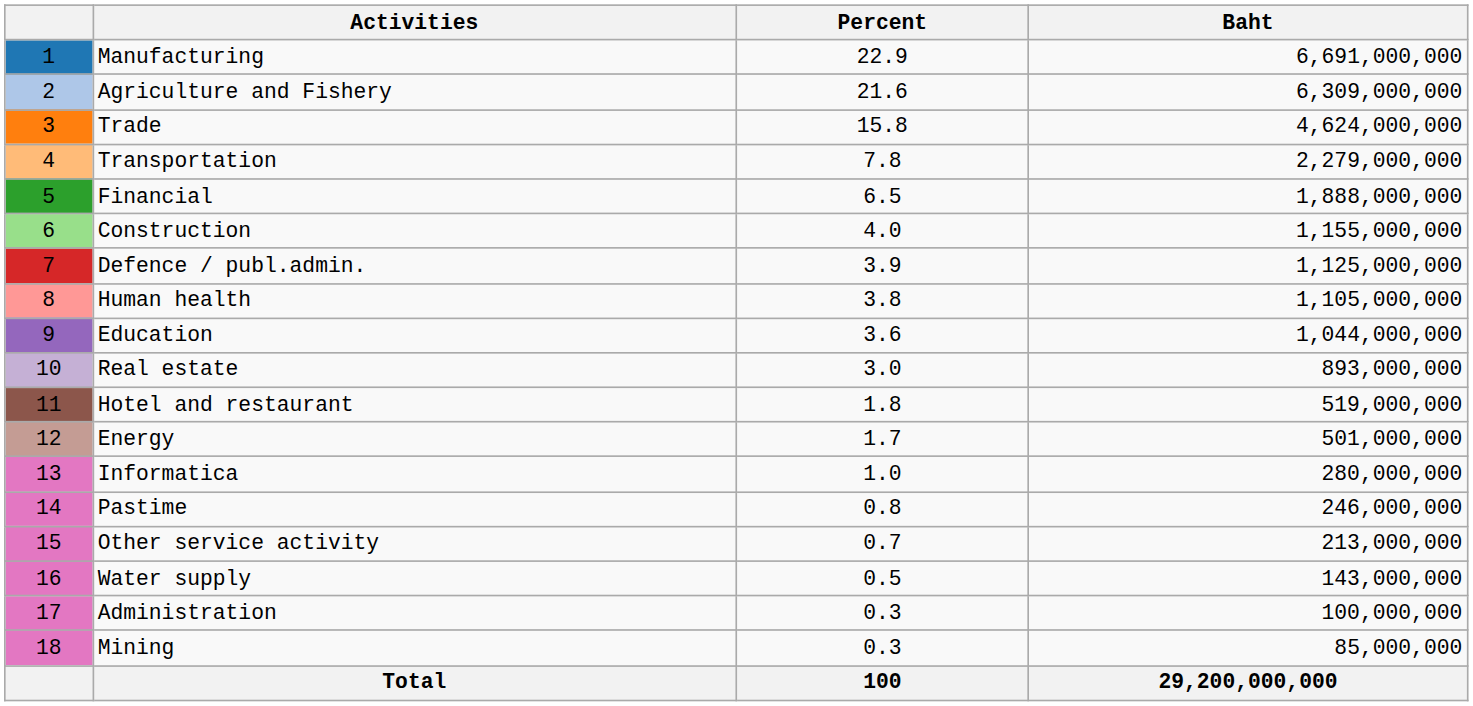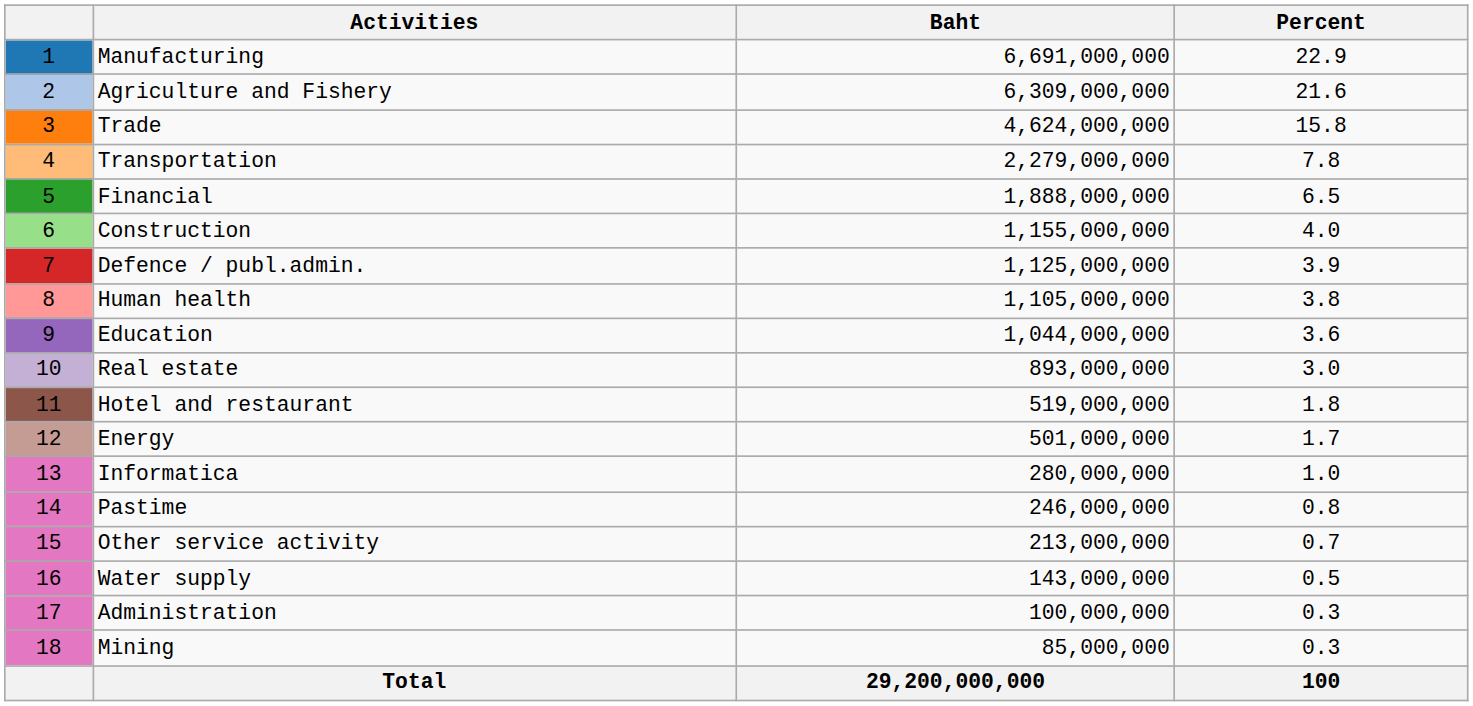 <table class="wikitable" style="width:45%; display:inline-table;">
 <tr>
 <th style="width:6%;"> </th>
 <th style="width:44%;">Activities</th>
+<th style="width:30%;">Baht</th>
 <th style="width:20%;">Percent</th>
-<th style="width:30%;">Baht</th>
 </tr>
 <tr>
 <td style="text-align:center; background:#1f77b4;">1</td>
 <td>Manufacturing</td>
+<td style="text-align:right;">6,691,000,000</td>
 <td style="text-align:center;">22.9</td>
-<td style="text-align:right;">6,691,000,000</td>
 </tr>
 <tr>
 <td style="text-align:center; background:#aec7e8;">2</td>
 <td>Agriculture and Fishery</td>
+<td style="text-align:right;">6,309,000,000</td>
 <td style="text-align:center;">21.6</td>
-<td style="text-align:right;">6,309,000,000</td>
 </tr>
 <tr>
 <td style="text-align:center; background:#ff7f0e;">3</td>
 <td>Trade</td>
+<td style="text-align:right;">4,624,000,000</td>
 <td style="text-align:center;">15.8</td>
-<td style="text-align:right;">4,624,000,000</td>
 </tr>
 <tr>
 <td style="text-align:center; background:#ffbb78;">4</td>
 <td>Transportation</td>
+<td style="text-align:right;">2,279,000,000</td>
 <td style="text-align:center;">7.8</td>
-<td style="text-align:right;">2,279,000,000</td>
 </tr>
 <tr>
 <td style="text-align:center; background:#2ca02c;">5</td>
 <td>Financial</td>
+<td style="text-align:right;">1,888,000,000</td>
 <td style="text-align:center;">6.5</td>
-<td style="text-align:right;">1,888,000,000</td>
 </tr>
 <tr>
 <td style="text-align:center; background:#98df8a;">6</td>
 <td>Construction</td>
+<td style="text-align:right;">1,155,000,000</td>
 <td style="text-align:center;">4.0</td>
-<td style="text-align:right;">1,155,000,000</td>
 </tr>
 <tr>
 <td style="text-align:center; background:#d62728;">7</td>
 <td>Defence / publ.admin.</td>
+<td style="text-align:right;">1,125,000,000</td>
 <td style="text-align:center;">3.9</td>
-<td style="text-align:right;">1,125,000,000</td>
 </tr>
 <tr>
 <td style="text-align:center; background:#ff9896;">8</td>
 <td>Human health</td>
+<td style="text-align:right;">1,105,000,000</td>
 <td style="text-align:center;">3.8</td>
-<td style="text-align:right;">1,105,000,000</td>
 </tr>
 <tr>
 <td style="text-align:center; background:#9467bd;">9</td>
 <td>Education</td>
+<td style="text-align:right;">1,044,000,000</td>
 <td style="text-align:center;">3.6</td>
-<td style="text-align:right;">1,044,000,000</td>
 </tr>
 <tr>
 <td style="text-align:center; background:#c5b0d5;">10</td>
 <td>Real estate</td>
+<td style="text-align:right;">893,000,000</td>
 <td style="text-align:center;">3.0</td>
-<td style="text-align:right;">893,000,000</td>
 </tr>
 <tr>
 <td style="text-align:center; background:#8c564b;">11</td>
 <td>Hotel and restaurant</td>
+<td style="text-align:right;">519,000,000</td>
 <td style="text-align:center;">1.8</td>
-<td style="text-align:right;">519,000,000</td>
 </tr>
 <tr>
 <td style="text-align:center; background:#c49c94;">12</td>
 <td>Energy</td>
+<td style="text-align:right;">501,000,000</td>
 <td style="text-align:center;">1.7</td>
-<td style="text-align:right;">501,000,000</td>
 </tr>
 <tr>
 <td style="text-align:center;background:#e377c2;">13</td>
 <td>Informatica</td>
+<td style="text-align:right;">280,000,000</td>
 <td style="text-align:center;">1.0</td>
-<td style="text-align:right;">280,000,000</td>
 </tr>
 <tr>
 <td style="text-align:center; background:#e377c2;">14</td>
 <td>Pastime</td>
+<td style="text-align:right;">246,000,000</td>
 <td style="text-align:center;">0.8</td>
-<td style="text-align:right;">246,000,000</td>
 </tr>
 <tr>
 <td style="text-align:center; background:#e377c2;">15</td>
 <td>Other service activity</td>
+<td style="text-align:right;">213,000,000</td>
 <td style="text-align:center;">0.7</td>
-<td style="text-align:right;">213,000,000</td>
 </tr>
 <tr>
 <td style="text-align:center; background:#e377c2;">16</td>
 <td>Water supply</td>
+<td style="text-align:right;">143,000,000</td>
 <td style="text-align:center;">0.5</td>
-<td style="text-align:right;">143,000,000</td>
 </tr>
 <tr>
 <td style="text-align:center; background:#e377c2;">17</td>
 <td>Administration</td>
+<td style="text-align:right;">100,000,000</td>
 <td style="text-align:center;">0.3</td>
-<td style="text-align:right;">100,000,000</td>
 </tr>
 <tr>
 <td style="text-align:center; background:#e377c2;">18</td>
 <td>Mining</td>
+<td style="text-align:right;">85,000,000</td>
 <td style="text-align:center;">0.3</td>
-<td style="text-align:right;">85,000,000</td>
 </tr>
 <tr>
 <th> </th>
 <th>Total</th>
+<th>29,200,000,000</th>
 <th>100</th>
-<th>29,200,000,000</th>
 </tr>
 </table>
